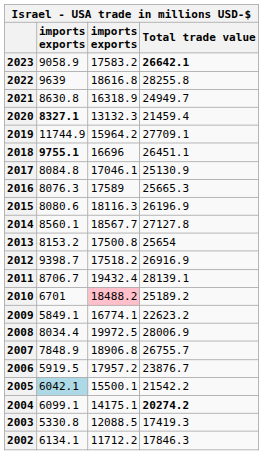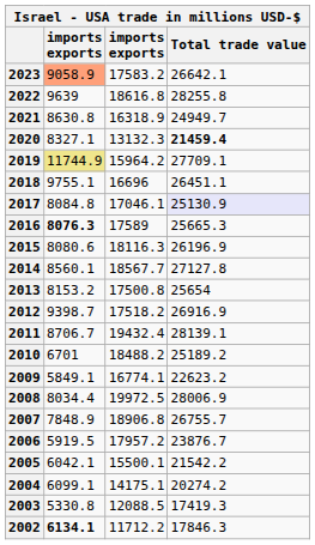 <table class="wikitable mw-collapsible mw-collapsed">
 <tr>
 <th colspan="4">Israel - USA trade in millions USD-$ </th>
 </tr>
 <tr>
 <th></th>
 <th> imports<br> exports</th>
 <th> imports<br> exports</th>
 <th>Total trade value</th>
 </tr>
 <tr>
 <th>2023</th>
-<td>9058.9</td>
+<td style="background: lightsalmon;">9058.9</td>
 <td>17583.2</td>
-<td><strong>26642.1</strong></td>
+<td>26642.1</td>
 </tr>
 <tr>
 <th>2022</th>
 <td>9639</td>
 <td>18616.8</td>
 <td>28255.8</td>
 </tr>
 <tr>
 <th>2021</th>
 <td>8630.8</td>
 <td>16318.9</td>
 <td>24949.7</td>
 </tr>
 <tr>
 <th>2020</th>
-<td><strong>8327.1</strong></td>
+<td>8327.1</td>
 <td>13132.3</td>
-<td>21459.4</td>
+<td><strong>21459.4</strong></td>
 </tr>
 <tr>
 <th>2019</th>
-<td>11744.9</td>
+<td style="background: khaki;">11744.9</td>
 <td>15964.2</td>
 <td>27709.1</td>
 </tr>
 <tr>
 <th>2018</th>
-<td><strong>9755.1</strong></td>
+<td>9755.1</td>
 <td>16696</td>
 <td>26451.1</td>
 </tr>
 <tr>
 <th>2017</th>
 <td>8084.8</td>
 <td>17046.1</td>
-<td>25130.9</td>
+<td style="background: lavender;">25130.9</td>
 </tr>
 <tr>
 <th>2016</th>
-<td>8076.3</td>
+<td><strong>8076.3</strong></td>
 <td>17589</td>
 <td>25665.3</td>
 </tr>
 <tr>
 <th>2015</th>
 <td>8080.6</td>
 <td>18116.3</td>
 <td>26196.9</td>
 </tr>
 <tr>
 <th>2014</th>
 <td>8560.1</td>
 <td>18567.7</td>
 <td>27127.8</td>
 </tr>
 <tr>
 <th>2013</th>
 <td>8153.2</td>
 <td>17500.8</td>
 <td>25654</td>
 </tr>
 <tr>
 <th>2012</th>
 <td>9398.7</td>
 <td>17518.2</td>
 <td>26916.9</td>
 </tr>
 <tr>
 <th>2011</th>
 <td>8706.7</td>
 <td>19432.4</td>
 <td>28139.1</td>
 </tr>
 <tr>
 <th>2010</th>
 <td>6701</td>
-<td style="background: pink;">18488.2</td>
+<td>18488.2</td>
 <td>25189.2</td>
 </tr>
 <tr>
 <th>2009</th>
 <td>5849.1</td>
 <td>16774.1</td>
 <td>22623.2</td>
 </tr>
 <tr>
 <th>2008</th>
 <td>8034.4</td>
 <td>19972.5</td>
 <td>28006.9</td>
 </tr>
 <tr>
 <th>2007</th>
 <td>7848.9</td>
 <td>18906.8</td>
 <td>26755.7</td>
 </tr>
 <tr>
 <th>2006</th>
 <td>5919.5</td>
 <td>17957.2</td>
 <td>23876.7</td>
 </tr>
 <tr>
 <th>2005</th>
-<td style="background: lightblue;">6042.1</td>
+<td>6042.1</td>
 <td>15500.1</td>
 <td>21542.2</td>
 </tr>
 <tr>
 <th>2004</th>
 <td>6099.1</td>
 <td>14175.1</td>
-<td><strong>20274.2</strong></td>
+<td>20274.2</td>
 </tr>
 <tr>
 <th>2003</th>
 <td>5330.8</td>
 <td>12088.5</td>
 <td>17419.3</td>
 </tr>
 <tr>
 <th>2002</th>
-<td>6134.1</td>
+<td><strong>6134.1</strong></td>
 <td>11712.2</td>
 <td>17846.3</td>
 </tr>
 </table>
